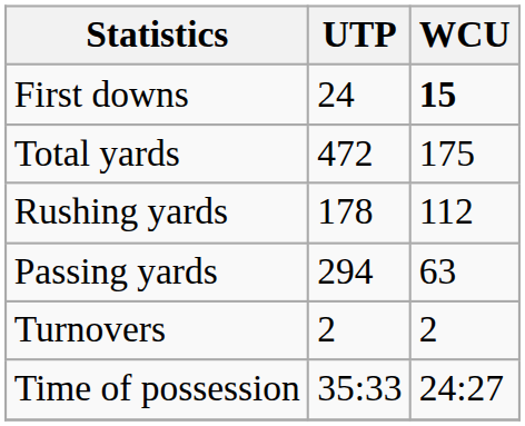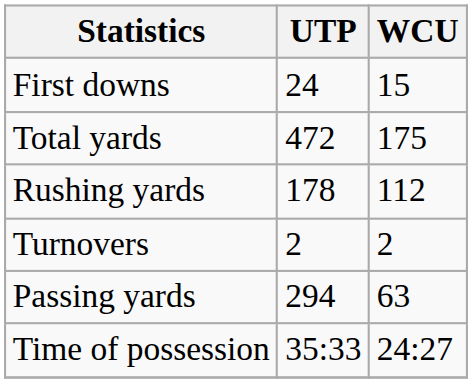 <table class="wikitable" style="float: left;">
 <tr>
 <th>Statistics</th>
 <th>UTP</th>
 <th>WCU</th>
 </tr>
 <tr>
 <td>First downs</td>
 <td>24</td>
-<td><strong>15</strong></td>
+<td>15</td>
 </tr>
 <tr>
 <td>Total yards</td>
 <td>472</td>
 <td>175</td>
 </tr>
 <tr>
 <td>Rushing yards</td>
 <td>178</td>
 <td>112</td>
 </tr>
 <tr>
+<td>Turnovers</td>
+<td>2</td>
+<td>2</td>
+</tr>
+<tr>
 <td>Passing yards</td>
 <td>294</td>
 <td>63</td>
-</tr>
-<tr>
-<td>Turnovers</td>
-<td>2</td>
-<td>2</td>
 </tr>
 <tr>
 <td>Time of possession</td>
 <td>35:33</td>
 <td>24:27</td>
 </tr>
 <tr>
 </tr>
 </table>
